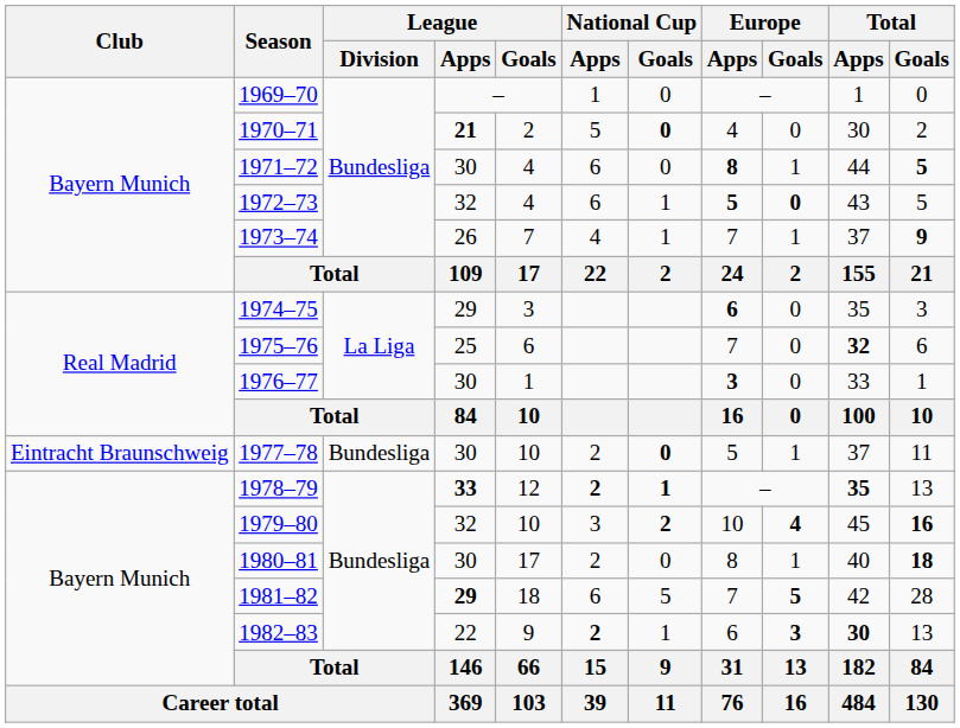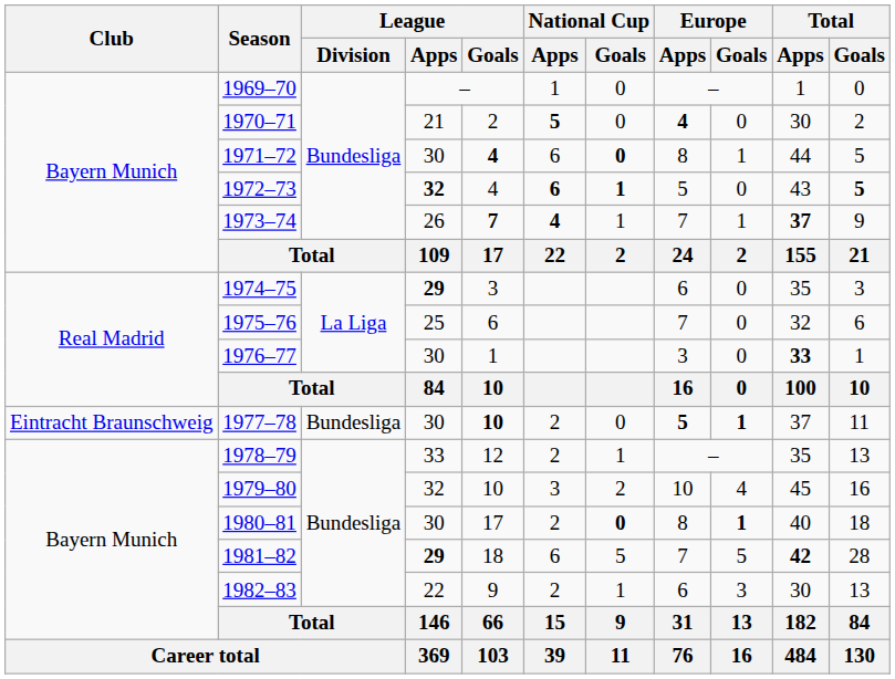 <table class=wikitable style=text-align:center>
 <tr>
 <th rowspan="2">Club</th>
 <th rowspan="2">Season</th>
 <th colspan="3">League</th>
 <th colspan="2">National Cup</th>
 <th colspan="2">Europe</th>
 <th colspan="2">Total</th>
 </tr>
 <tr>
 <th>Division</th>
 <th>Apps</th>
 <th>Goals</th>
 <th>Apps</th>
 <th>Goals</th>
 <th>Apps</th>
 <th>Goals</th>
 <th>Apps</th>
 <th>Goals</th>
 </tr>
 <tr>
 <td rowspan="6"><a href='#'>Bayern Munich</a></td>
 <td><a href='#'>1969–70</a></td>
 <td rowspan="5"><a href='#'>Bundesliga</a></td>
 <td colspan="2">–</td>
 <td>1</td>
 <td>0</td>
 <td colspan="2">–</td>
 <td>1</td>
 <td>0</td>
 </tr>
 <tr>
 <td><a href='#'>1970–71</a></td>
-<td><strong>21</strong></td>
+<td>21</td>
 <td>2</td>
-<td>5</td>
-<td><strong>0</strong></td>
-<td>4</td>
+<td><strong>5</strong></td>
+<td>0</td>
+<td><strong>4</strong></td>
 <td>0</td>
 <td>30</td>
 <td>2</td>
 </tr>
 <tr>
 <td><a href='#'>1971–72</a></td>
 <td>30</td>
-<td>4</td>
+<td><strong>4</strong></td>
 <td>6</td>
-<td>0</td>
-<td><strong>8</strong></td>
+<td><strong>0</strong></td>
+<td>8</td>
 <td>1</td>
 <td>44</td>
-<td><strong>5</strong></td>
+<td>5</td>
 </tr>
 <tr>
 <td><a href='#'>1972–73</a></td>
-<td>32</td>
+<td><strong>32</strong></td>
 <td>4</td>
-<td>6</td>
-<td>1</td>
+<td><strong>6</strong></td>
+<td><strong>1</strong></td>
+<td>5</td>
+<td>0</td>
+<td>43</td>
 <td><strong>5</strong></td>
-<td><strong>0</strong></td>
-<td>43</td>
-<td>5</td>
 </tr>
 <tr>
 <td><a href='#'>1973–74</a></td>
 <td>26</td>
-<td>7</td>
-<td>4</td>
+<td><strong>7</strong></td>
+<td><strong>4</strong></td>
 <td>1</td>
 <td>7</td>
 <td>1</td>
-<td>37</td>
-<td><strong>9</strong></td>
+<td><strong>37</strong></td>
+<td>9</td>
 </tr>
 <tr>
 <th colspan="2">Total</th>
 <th>109</th>
 <th>17</th>
 <th>22</th>
 <th>2</th>
 <th>24</th>
 <th>2</th>
 <th>155</th>
 <th>21</th>
 </tr>
 <tr>
 <td rowspan="4"><a href='#'>Real Madrid</a></td>
 <td><a href='#'>1974–75</a></td>
 <td rowspan="3"><a href='#'>La Liga</a></td>
-<td>29</td>
+<td><strong>29</strong></td>
 <td>3</td>
 <td></td>
 <td></td>
-<td><strong>6</strong></td>
+<td>6</td>
 <td>0</td>
 <td>35</td>
 <td>3</td>
 </tr>
 <tr>
 <td><a href='#'>1975–76</a></td>
 <td>25</td>
 <td>6</td>
 <td></td>
 <td></td>
 <td>7</td>
 <td>0</td>
-<td><strong>32</strong></td>
+<td>32</td>
 <td>6</td>
 </tr>
 <tr>
 <td><a href='#'>1976–77</a></td>
 <td>30</td>
 <td>1</td>
 <td></td>
 <td></td>
-<td><strong>3</strong></td>
+<td>3</td>
 <td>0</td>
-<td>33</td>
+<td><strong>33</strong></td>
 <td>1</td>
 </tr>
 <tr>
 <th colspan="2">Total</th>
 <th>84</th>
 <th>10</th>
 <th></th>
 <th></th>
 <th>16</th>
 <th>0</th>
 <th>100</th>
 <th>10</th>
 </tr>
 <tr>
 <td><a href='#'>Eintracht Braunschweig</a></td>
 <td><a href='#'>1977–78</a></td>
 <td>Bundesliga</td>
 <td>30</td>
-<td>10</td>
+<td><strong>10</strong></td>
 <td>2</td>
-<td><strong>0</strong></td>
-<td>5</td>
-<td>1</td>
+<td>0</td>
+<td><strong>5</strong></td>
+<td><strong>1</strong></td>
 <td>37</td>
 <td>11</td>
 </tr>
 <tr>
 <td rowspan="6">Bayern Munich</td>
 <td><a href='#'>1978–79</a></td>
 <td rowspan="5">Bundesliga</td>
-<td><strong>33</strong></td>
+<td>33</td>
 <td>12</td>
-<td><strong>2</strong></td>
-<td><strong>1</strong></td>
+<td>2</td>
+<td>1</td>
 <td colspan="2">–</td>
-<td><strong>35</strong></td>
+<td>35</td>
 <td>13</td>
 </tr>
 <tr>
 <td><a href='#'>1979–80</a></td>
 <td>32</td>
 <td>10</td>
 <td>3</td>
-<td><strong>2</strong></td>
+<td>2</td>
 <td>10</td>
-<td><strong>4</strong></td>
+<td>4</td>
 <td>45</td>
-<td><strong>16</strong></td>
+<td>16</td>
 </tr>
 <tr>
 <td><a href='#'>1980–81</a></td>
 <td>30</td>
 <td>17</td>
 <td>2</td>
-<td>0</td>
+<td><strong>0</strong></td>
 <td>8</td>
-<td>1</td>
+<td><strong>1</strong></td>
 <td>40</td>
-<td><strong>18</strong></td>
+<td>18</td>
 </tr>
 <tr>
 <td><a href='#'>1981–82</a></td>
 <td><strong>29</strong></td>
 <td>18</td>
 <td>6</td>
 <td>5</td>
 <td>7</td>
-<td><strong>5</strong></td>
-<td>42</td>
+<td>5</td>
+<td><strong>42</strong></td>
 <td>28</td>
 </tr>
 <tr>
 <td><a href='#'>1982–83</a></td>
 <td>22</td>
 <td>9</td>
-<td><strong>2</strong></td>
+<td>2</td>
 <td>1</td>
 <td>6</td>
-<td><strong>3</strong></td>
-<td><strong>30</strong></td>
+<td>3</td>
+<td>30</td>
 <td>13</td>
 </tr>
 <tr>
 <th colspan="2">Total</th>
 <th>146</th>
 <th>66</th>
 <th>15</th>
 <th>9</th>
 <th>31</th>
 <th>13</th>
 <th>182</th>
 <th>84</th>
 </tr>
 <tr>
 <th colspan="3">Career total</th>
 <th>369</th>
 <th>103</th>
 <th>39</th>
 <th>11</th>
 <th>76</th>
 <th>16</th>
 <th>484</th>
 <th>130</th>
 </tr>
 </table>
